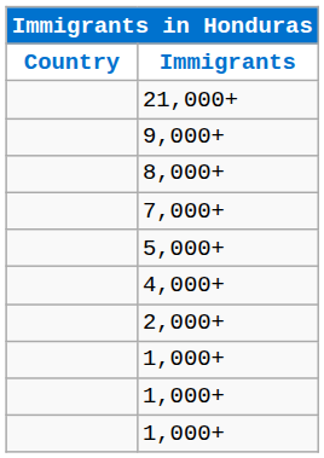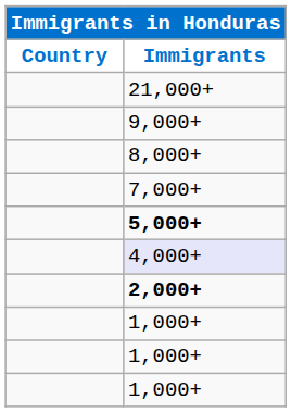 <table class="wikitable" style="text-align:left; float:right;">
 <tr>
 <td colspan="5" style="background:#0072CE; color:white;" align=center><strong>Immigrants in Honduras</strong></td>
 </tr>
 <tr>
 <th scope="col" style="background:#FFFFFF; color:#0072CE">Country</th>
 <th scope="col" style="background:#FFFFFF; color:#0072CE">Immigrants</th>
 </tr>
 <tr>
 <td></td>
 <td>21,000+</td>
 </tr>
 <tr>
 <td></td>
 <td>9,000+</td>
 </tr>
 <tr>
 <td></td>
 <td>8,000+</td>
 </tr>
 <tr>
 <td></td>
 <td>7,000+</td>
 </tr>
 <tr>
 <td></td>
-<td>5,000+</td>
+<td><strong>5,000+</strong></td>
 </tr>
 <tr>
 <td></td>
-<td>4,000+</td>
+<td style="background: lavender;">4,000+</td>
 </tr>
 <tr>
 <td></td>
-<td>2,000+</td>
+<td><strong>2,000+</strong></td>
 </tr>
 <tr>
 <td></td>
 <td>1,000+</td>
 </tr>
 <tr>
 <td></td>
 <td>1,000+</td>
 </tr>
 <tr>
 <td></td>
 <td>1,000+</td>
 </tr>
 </table>
